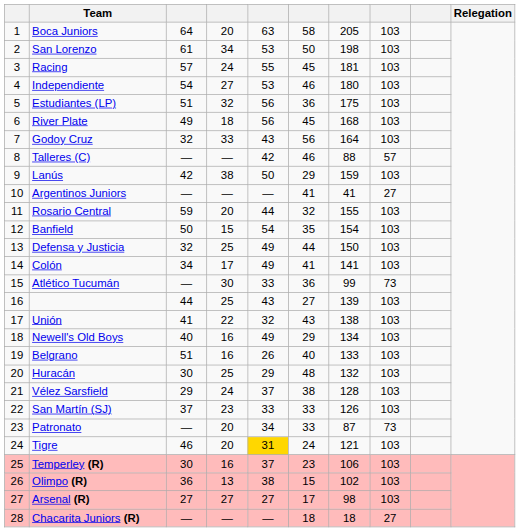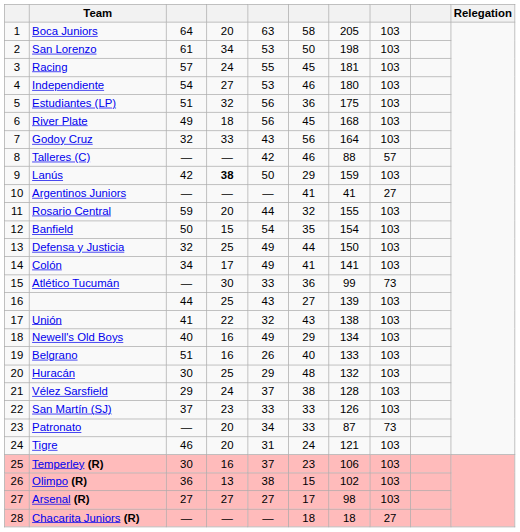 <table class="wikitable sortable" style="text-align: center;">
 <tr>
 <th width=28></th>
 <th width=185>Team</th>
 <th width=50></th>
 <th width=50></th>
 <th width=50></th>
 <th width=50></th>
 <th width=50></th>
 <th width=50></th>
 <th width=50></th>
 <th>Relegation</th>
 </tr>
 <tr>
 <td>1</td>
 <td align="left"><a href='#'>Boca Juniors</a></td>
 <td>64</td>
 <td>20</td>
 <td>63</td>
 <td>58</td>
 <td>205</td>
 <td>103</td>
 <td><strong></strong></td>
 <td rowspan=24></td>
 </tr>
 <tr>
 <td>2</td>
 <td align="left"><a href='#'>San Lorenzo</a></td>
 <td>61</td>
 <td>34</td>
 <td>53</td>
 <td>50</td>
 <td>198</td>
 <td>103</td>
 <td><strong></strong></td>
 </tr>
 <tr>
 <td>3</td>
 <td align="left"><a href='#'>Racing</a></td>
 <td>57</td>
 <td>24</td>
 <td>55</td>
 <td>45</td>
 <td>181</td>
 <td>103</td>
 <td><strong></strong></td>
 </tr>
 <tr>
 <td>4</td>
 <td align="left"><a href='#'>Independiente</a></td>
 <td>54</td>
 <td>27</td>
 <td>53</td>
 <td>46</td>
 <td>180</td>
 <td>103</td>
 <td><strong></strong></td>
 </tr>
 <tr>
 <td>5</td>
 <td align="left"><a href='#'>Estudiantes (LP)</a></td>
 <td>51</td>
 <td>32</td>
 <td>56</td>
 <td>36</td>
 <td>175</td>
 <td>103</td>
 <td><strong></strong></td>
 </tr>
 <tr>
 <td>6</td>
 <td align="left"><a href='#'>River Plate</a></td>
 <td>49</td>
 <td>18</td>
 <td>56</td>
 <td>45</td>
 <td>168</td>
 <td>103</td>
 <td><strong></strong></td>
 </tr>
 <tr>
 <td>7</td>
 <td align="left"><a href='#'>Godoy Cruz</a></td>
 <td>32</td>
 <td>33</td>
 <td>43</td>
 <td>56</td>
 <td>164</td>
 <td>103</td>
 <td><strong></strong></td>
 </tr>
 <tr>
 <td>8</td>
 <td align="left"><a href='#'>Talleres (C)</a></td>
 <td>—</td>
 <td>—</td>
 <td>42</td>
 <td>46</td>
 <td>88</td>
 <td>57</td>
 <td><strong></strong></td>
 </tr>
 <tr>
 <td>9</td>
 <td align="left"><a href='#'>Lanús</a></td>
 <td>42</td>
-<td>38</td>
+<td><strong>38</strong></td>
 <td>50</td>
 <td>29</td>
 <td>159</td>
 <td>103</td>
 <td><strong></strong></td>
 </tr>
 <tr>
 <td>10</td>
 <td align="left"><a href='#'>Argentinos Juniors</a></td>
 <td>—</td>
 <td>—</td>
 <td>—</td>
 <td>41</td>
 <td>41</td>
 <td>27</td>
 <td><strong></strong></td>
 </tr>
 <tr>
 <td>11</td>
 <td align="left"><a href='#'>Rosario Central</a></td>
 <td>59</td>
 <td>20</td>
 <td>44</td>
 <td>32</td>
 <td>155</td>
 <td>103</td>
 <td><strong></strong></td>
 </tr>
 <tr>
 <td>12</td>
 <td align="left"><a href='#'>Banfield</a></td>
 <td>50</td>
 <td>15</td>
 <td>54</td>
 <td>35</td>
 <td>154</td>
 <td>103</td>
 <td><strong></strong></td>
 </tr>
 <tr>
 <td>13</td>
 <td align="left"><a href='#'>Defensa y Justicia</a></td>
 <td>32</td>
 <td>25</td>
 <td>49</td>
 <td>44</td>
 <td>150</td>
 <td>103</td>
 <td><strong></strong></td>
 </tr>
 <tr>
 <td>14</td>
 <td align="left"><a href='#'>Colón</a></td>
 <td>34</td>
 <td>17</td>
 <td>49</td>
 <td>41</td>
 <td>141</td>
 <td>103</td>
 <td><strong></strong></td>
 </tr>
 <tr>
 <td>15</td>
 <td align="left"><a href='#'>Atlético Tucumán</a></td>
 <td>—</td>
 <td>30</td>
 <td>33</td>
 <td>36</td>
 <td>99</td>
 <td>73</td>
 <td><strong></strong></td>
 </tr>
 <tr>
 <td>16</td>
 <td align="left"></td>
 <td>44</td>
 <td>25</td>
 <td>43</td>
 <td>27</td>
 <td>139</td>
 <td>103</td>
 <td><strong></strong></td>
 </tr>
 <tr>
 <td>17</td>
 <td align="left"><a href='#'>Unión</a></td>
 <td>41</td>
 <td>22</td>
 <td>32</td>
 <td>43</td>
 <td>138</td>
 <td>103</td>
 <td><strong></strong></td>
 </tr>
 <tr>
 <td>18</td>
 <td align="left"><a href='#'>Newell's Old Boys</a></td>
 <td>40</td>
 <td>16</td>
 <td>49</td>
 <td>29</td>
 <td>134</td>
 <td>103</td>
 <td><strong></strong></td>
 </tr>
 <tr>
 <td>19</td>
 <td align="left"><a href='#'>Belgrano</a></td>
 <td>51</td>
 <td>16</td>
 <td>26</td>
 <td>40</td>
 <td>133</td>
 <td>103</td>
 <td><strong></strong></td>
 </tr>
 <tr>
 <td>20</td>
 <td align="left"><a href='#'>Huracán</a></td>
 <td>30</td>
 <td>25</td>
 <td>29</td>
 <td>48</td>
 <td>132</td>
 <td>103</td>
 <td><strong></strong></td>
 </tr>
 <tr>
 <td>21</td>
 <td align="left"><a href='#'>Vélez Sarsfield</a></td>
 <td>29</td>
 <td>24</td>
 <td>37</td>
 <td>38</td>
 <td>128</td>
 <td>103</td>
 <td><strong></strong></td>
 </tr>
 <tr>
 <td>22</td>
 <td align="left"><a href='#'>San Martín (SJ)</a></td>
 <td>37</td>
 <td>23</td>
 <td>33</td>
 <td>33</td>
 <td>126</td>
 <td>103</td>
 <td><strong></strong></td>
 </tr>
 <tr>
 <td>23</td>
 <td align="left"><a href='#'>Patronato</a></td>
 <td>—</td>
 <td>20</td>
 <td>34</td>
 <td>33</td>
 <td>87</td>
 <td>73</td>
 <td><strong></strong></td>
 </tr>
 <tr>
 <td>24</td>
 <td align="left"><a href='#'>Tigre</a></td>
 <td>46</td>
 <td>20</td>
-<td style="background: gold;">31</td>
+<td>31</td>
 <td>24</td>
 <td>121</td>
 <td>103</td>
 <td><strong></strong></td>
 </tr>
 <tr bgcolor=#FFBBBB>
 <td>25</td>
 <td align="left"><a href='#'>Temperley</a> <strong>(R)</strong></td>
 <td>30</td>
 <td>16</td>
 <td>37</td>
 <td>23</td>
 <td>106</td>
 <td>103</td>
 <td><strong></strong></td>
 <td rowspan=4></td>
 </tr>
 <tr bgcolor=#FFBBBB>
 <td>26</td>
 <td align="left"><a href='#'>Olimpo</a> <strong>(R)</strong></td>
 <td>36</td>
 <td>13</td>
 <td>38</td>
 <td>15</td>
 <td>102</td>
 <td>103</td>
 <td><strong></strong></td>
 </tr>
 <tr bgcolor=#FFBBBB>
 <td>27</td>
 <td align="left"><a href='#'>Arsenal</a> <strong>(R)</strong></td>
 <td>27</td>
 <td>27</td>
 <td>27</td>
 <td>17</td>
 <td>98</td>
 <td>103</td>
 <td><strong></strong></td>
 </tr>
 <tr bgcolor=#FFBBBB>
 <td>28</td>
 <td align="left"><a href='#'>Chacarita Juniors</a> <strong>(R)</strong></td>
 <td>—</td>
 <td>—</td>
 <td>—</td>
 <td>18</td>
 <td>18</td>
 <td>27</td>
 <td><strong></strong></td>
 </tr>
 </table>
